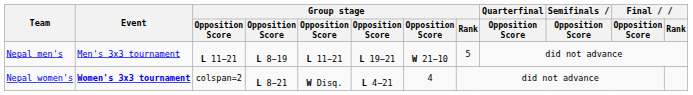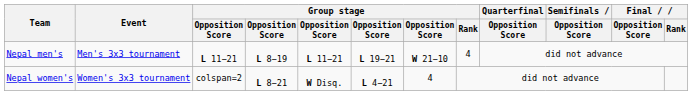 <table class=wikitable style=font-size:90%;text-align:center>
 <tr>
 <th rowspan=2>Team</th>
 <th rowspan=2>Event</th>
 <th colspan=6>Group stage</th>
 <th>Quarterfinal</th>
 <th>Semifinals / </th>
 <th colspan=2>Final /  / </th>
 </tr>
 <tr style="font-size:95%">
 <th>Opposition<br>Score</th>
 <th>Opposition<br>Score</th>
 <th>Opposition<br>Score</th>
 <th>Opposition<br>Score</th>
 <th>Opposition<br>Score</th>
 <th>Rank</th>
 <th>Opposition<br>Score</th>
 <th>Opposition<br>Score</th>
 <th>Opposition<br>Score</th>
 <th>Rank</th>
 </tr>
 <tr>
 <td align=left><a href='#'>Nepal men's</a></td>
 <td align=left><a href='#'>Men's 3x3 tournament</a></td>
 <td><br><strong>L</strong> 11−21</td>
 <td><br><strong>L</strong> 8−19</td>
 <td><br><strong>L</strong> 11−21</td>
 <td><br><strong>L</strong> 19−21</td>
 <td><br><strong>W</strong> 21−10</td>
-<td>5</td>
+<td>4</td>
 <td colspan=4>did not advance</td>
 </tr>
 <tr>
 <td align=left><a href='#'>Nepal women's</a></td>
-<td align=left><strong><a href='#'>Women's 3x3 tournament</a></strong></td>
+<td align=left><a href='#'>Women's 3x3 tournament</a></td>
 <td>colspan=2 </td>
 <td><br><strong>L</strong> 8−21</td>
 <td><br><strong>W</strong> Disq.</td>
 <td><br><strong>L</strong> 4−21</td>
 <td>4</td>
 <td colspan=4>did not advance</td>
 </tr>
 </table>
